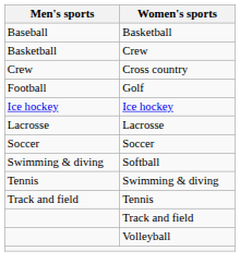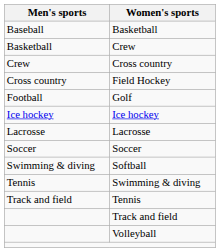 <table class="wikitable"; style= "text-align: ">
 <tr>
 <th width=150px>Men's sports</th>
 <th width=150px>Women's sports</th>
 </tr>
 <tr>
 <td>Baseball</td>
 <td>Basketball</td>
 </tr>
 <tr>
 <td>Basketball</td>
 <td>Crew</td>
 </tr>
 <tr>
 <td>Crew</td>
 <td>Cross country</td>
+</tr>
+<tr>
+<td>Cross country</td>
+<td>Field Hockey</td>
 </tr>
 <tr>
 <td>Football</td>
 <td>Golf</td>
 </tr>
 <tr>
 <td><a href='#'>Ice hockey</a></td>
 <td><a href='#'>Ice hockey</a></td>
 </tr>
 <tr>
 <td>Lacrosse</td>
 <td>Lacrosse</td>
 </tr>
 <tr>
 <td>Soccer</td>
 <td>Soccer</td>
 </tr>
 <tr>
 <td>Swimming & diving</td>
 <td>Softball</td>
 </tr>
 <tr>
 <td>Tennis</td>
 <td>Swimming & diving</td>
 </tr>
 <tr>
 <td>Track and field</td>
 <td>Tennis</td>
 </tr>
 <tr>
 <td></td>
 <td>Track and field</td>
 </tr>
 <tr>
 <td></td>
 <td>Volleyball</td>
 </tr>
 <tr>
 <td colspan="2"></td>
 </tr>
 </table>
